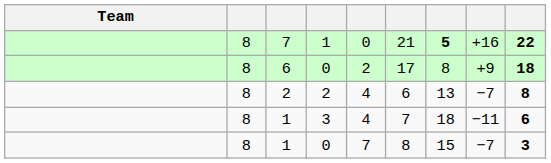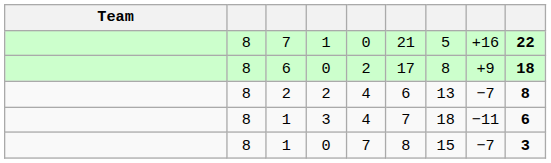 <table class="wikitable" style="text-align: center; font-size: 90%;">
 <tr>
 <th width=165>Team</th>
 <th width=25></th>
 <th width=25></th>
 <th width=25></th>
 <th width=25></th>
 <th width=25></th>
 <th width=25></th>
 <th width=25></th>
 <th width=25></th>
 </tr>
 <tr style="background:#cfc;">
 <td align=left></td>
 <td>8</td>
 <td>7</td>
 <td>1</td>
 <td>0</td>
 <td>21</td>
-<td><strong>5</strong></td>
+<td>5</td>
 <td>+16</td>
 <td><strong>22</strong></td>
 </tr>
 <tr style="background:#cfc;">
 <td align=left></td>
 <td>8</td>
 <td>6</td>
 <td>0</td>
 <td>2</td>
 <td>17</td>
 <td>8</td>
 <td>+9</td>
 <td><strong>18</strong></td>
 </tr>
 <tr>
 <td align=left></td>
 <td>8</td>
 <td>2</td>
 <td>2</td>
 <td>4</td>
 <td>6</td>
 <td>13</td>
 <td>−7</td>
 <td><strong>8</strong></td>
 </tr>
 <tr>
 <td align=left></td>
 <td>8</td>
 <td>1</td>
 <td>3</td>
 <td>4</td>
 <td>7</td>
 <td>18</td>
 <td>−11</td>
 <td><strong>6</strong></td>
 </tr>
 <tr>
 <td align=left></td>
 <td>8</td>
 <td>1</td>
 <td>0</td>
 <td>7</td>
 <td>8</td>
 <td>15</td>
 <td>−7</td>
 <td><strong>3</strong></td>
 </tr>
 </table>
